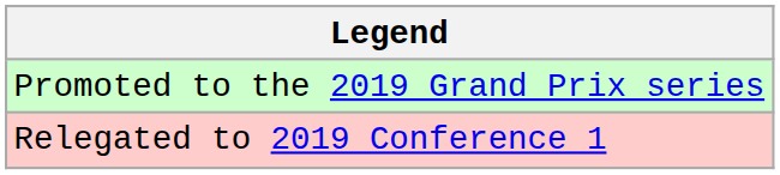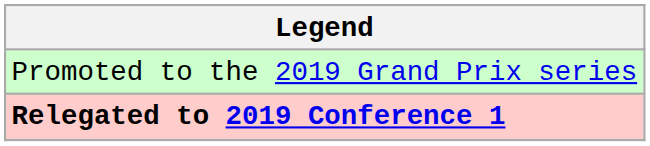 <table class="wikitable">
 <tr>
 <th>Legend</th>
 </tr>
 <tr bgcolor=ccffcc>
 <td>Promoted to the <a href='#'>2019 Grand Prix series</a></td>
 </tr>
 <tr bgcolor=ffcccc>
-<td>Relegated to <a href='#'>2019 Conference 1</a></td>
+<td><strong>Relegated to <a href='#'>2019 Conference 1</a></strong></td>
 </tr>
 </table>
